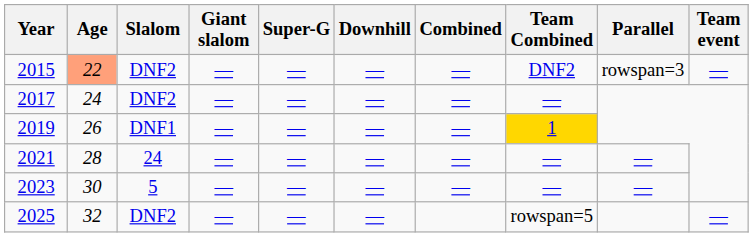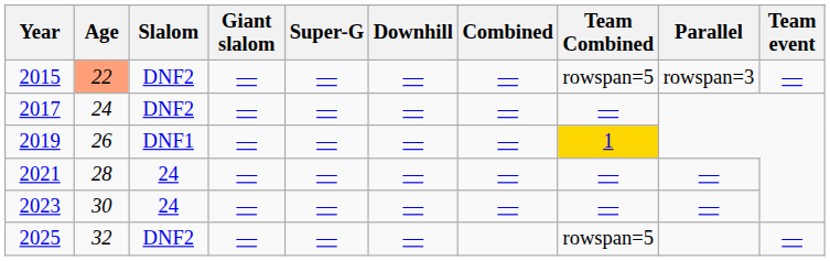 <table class=wikitable style="text-align:center">
 <tr>
 <th>  Year  </th>
 <th> Age </th>
 <th> Slalom </th>
 <th> Giant <br> slalom </th>
 <th>Super-G</th>
 <th>Downhill</th>
 <th>Combined</th>
 <th>Team<br>Combined</th>
 <th>Parallel</th>
 <th>Team<br> event </th>
 </tr>
 <tr>
 <td><a href='#'>2015</a></td>
 <td style="background: lightsalmon;"><em>22</em></td>
 <td><a href='#'>DNF2</a></td>
 <td><a href='#'>—</a></td>
 <td><a href='#'>—</a></td>
 <td><a href='#'>—</a></td>
 <td><a href='#'>—</a></td>
-<td><a href='#'>DNF2</a></td>
+<td>rowspan=5 </td>
 <td>rowspan=3 </td>
 <td><a href='#'>—</a></td>
 </tr>
 <tr>
 <td><a href='#'>2017</a></td>
 <td><em>24</em></td>
 <td><a href='#'>DNF2</a></td>
 <td><a href='#'>—</a></td>
 <td><a href='#'>—</a></td>
 <td><a href='#'>—</a></td>
 <td><a href='#'>—</a></td>
 <td><a href='#'>—</a></td>
 </tr>
 <tr>
 <td><a href='#'>2019</a></td>
 <td><em>26</em></td>
 <td><a href='#'>DNF1</a></td>
 <td><a href='#'>—</a></td>
 <td><a href='#'>—</a></td>
 <td><a href='#'>—</a></td>
 <td><a href='#'>—</a></td>
 <td bgcolor=gold><a href='#'>1</a></td>
 </tr>
 <tr>
 <td><a href='#'>2021</a></td>
 <td><em>28</em></td>
 <td><a href='#'>24</a></td>
 <td><a href='#'>—</a></td>
 <td><a href='#'>—</a></td>
 <td><a href='#'>—</a></td>
 <td><a href='#'>—</a></td>
 <td><a href='#'>—</a></td>
 <td><a href='#'>—</a></td>
 </tr>
 <tr>
 <td><a href='#'>2023</a></td>
 <td><em>30</em></td>
-<td><a href='#'>5</a></td>
+<td><a href='#'>24</a></td>
 <td><a href='#'>—</a></td>
 <td><a href='#'>—</a></td>
 <td><a href='#'>—</a></td>
 <td><a href='#'>—</a></td>
 <td><a href='#'>—</a></td>
 <td><a href='#'>—</a></td>
 </tr>
 <tr>
 <td><a href='#'>2025</a></td>
 <td><em>32</em></td>
 <td><a href='#'>DNF2</a></td>
 <td><a href='#'>—</a></td>
 <td><a href='#'>—</a></td>
 <td><a href='#'>—</a></td>
 <td></td>
 <td>rowspan=5 </td>
 <td></td>
 <td><a href='#'>—</a></td>
 </tr>
 </table>
